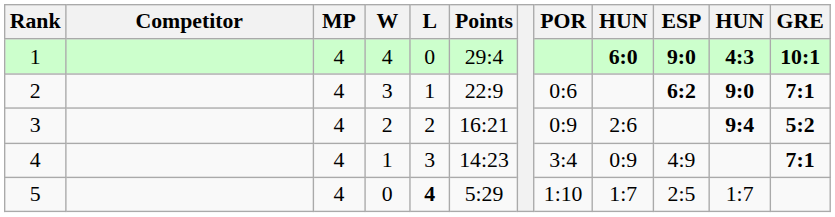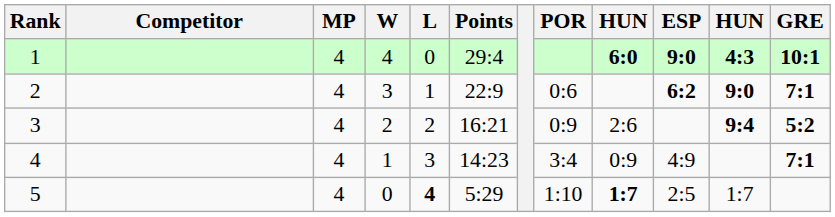 <table class="wikitable" style="text-align:center">
 <tr>
 <th>Rank</th>
 <th style="width:20em">Competitor</th>
 <th style="width:2.5em">MP</th>
 <th style="width:2.5em">W</th>
 <th style="width:2.5em">L</th>
 <th>Points</th>
 <th rowspan="6"> </th>
 <th style="width:2.5em">POR</th>
 <th style="width:2.5em">HUN</th>
 <th style="width:2.5em">ESP</th>
 <th style="width:2.5em">HUN</th>
 <th style="width:2.5em">GRE</th>
 </tr>
 <tr style="background:#cfc;">
 <td>1</td>
 <td style="text-align:left"></td>
 <td>4</td>
 <td>4</td>
 <td>0</td>
 <td>29:4</td>
 <td></td>
 <td><strong>6:0</strong></td>
 <td><strong>9:0</strong></td>
 <td><strong>4:3</strong></td>
 <td><strong>10:1</strong></td>
 </tr>
 <tr>
 <td>2</td>
 <td style="text-align:left"></td>
 <td>4</td>
 <td>3</td>
 <td>1</td>
 <td>22:9</td>
 <td>0:6</td>
 <td></td>
 <td><strong>6:2</strong></td>
 <td><strong>9:0</strong></td>
 <td><strong>7:1</strong></td>
 </tr>
 <tr>
 <td>3</td>
 <td style="text-align:left"></td>
 <td>4</td>
 <td>2</td>
 <td>2</td>
 <td>16:21</td>
 <td>0:9</td>
 <td>2:6</td>
 <td></td>
 <td><strong>9:4</strong></td>
 <td><strong>5:2</strong></td>
 </tr>
 <tr>
 <td>4</td>
 <td style="text-align:left"></td>
 <td>4</td>
 <td>1</td>
 <td>3</td>
 <td>14:23</td>
 <td>3:4</td>
 <td>0:9</td>
 <td>4:9</td>
 <td></td>
 <td><strong>7:1</strong></td>
 </tr>
 <tr>
 <td>5</td>
 <td style="text-align:left"></td>
 <td>4</td>
 <td>0</td>
 <td><strong>4</strong></td>
 <td>5:29</td>
 <td>1:10</td>
-<td>1:7</td>
+<td><strong>1:7</strong></td>
 <td>2:5</td>
 <td>1:7</td>
 <td></td>
 </tr>
 </table>
